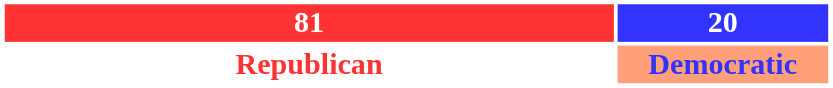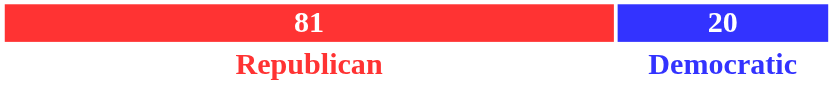 <table style="width:50%">
 <tr>
 <td scope="row" colspan="3" style="text-align:center"></td>
 </tr>
 <tr>
 <td scope="row" style="background:#F33; width:74.26%; text-align:center; color:white"><strong>81</strong></td>
 <td style="background:#33F; width:25.74%; text-align:center; color:white"><strong>20</strong></td>
 </tr>
 <tr>
 <td scope="row" style="text-align:center; color:#F33"><strong>Republican</strong></td>
-<td style="background: lightsalmon; text-align:center; color:#33F"><strong>Democratic</strong></td>
+<td style="text-align:center; color:#33F"><strong>Democratic</strong></td>
 </tr>
 </table>
